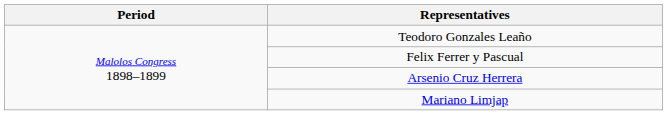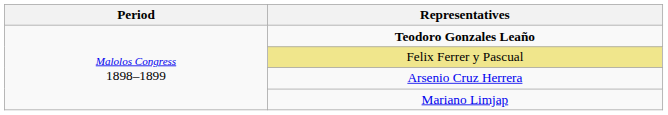 <table class="wikitable" style="text-align:center; width:40%;">
 <tr>
 <th width="40%">Period</th>
 <th>Representatives</th>
 </tr>
 <tr>
 <td rowspan="4"><small><em><a href='#'>Malolos Congress</a></em></small><br>1898–1899</td>
-<td>Teodoro Gonzales Leaño</td>
+<td><strong>Teodoro Gonzales Leaño</strong></td>
 </tr>
 <tr>
-<td>Felix Ferrer y Pascual</td>
+<td style="background: khaki;">Felix Ferrer y Pascual</td>
 </tr>
 <tr>
 <td><a href='#'>Arsenio Cruz Herrera</a></td>
 </tr>
 <tr>
 <td><a href='#'>Mariano Limjap</a></td>
 </tr>
 </table>
